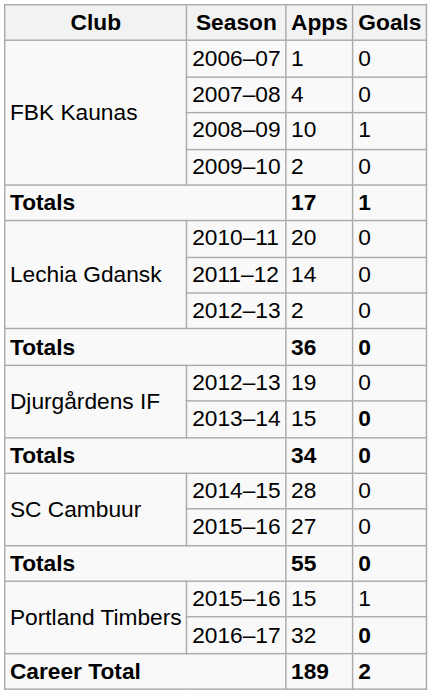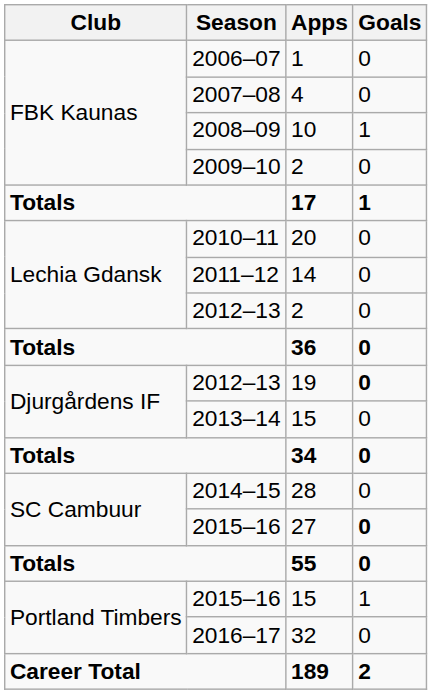 <table class="wikitable sortable">
 <tr>
 <th>Club</th>
 <th>Season</th>
 <th>Apps</th>
 <th>Goals</th>
 </tr>
 <tr>
 <td rowspan="4">FBK Kaunas</td>
 <td>2006–07</td>
 <td>1</td>
 <td>0</td>
 </tr>
 <tr>
 <td>2007–08</td>
 <td>4</td>
 <td>0</td>
 </tr>
 <tr>
 <td>2008–09</td>
 <td>10</td>
 <td>1</td>
 </tr>
 <tr>
 <td>2009–10</td>
 <td>2</td>
 <td>0</td>
 </tr>
 <tr>
 <td colspan="2"><strong>Totals</strong></td>
 <td><strong>17</strong></td>
 <td><strong>1</strong></td>
 </tr>
 <tr>
 <td rowspan="3">Lechia Gdansk</td>
 <td>2010–11</td>
 <td>20</td>
 <td>0</td>
 </tr>
 <tr>
 <td>2011–12</td>
 <td>14</td>
 <td>0</td>
 </tr>
 <tr>
 <td>2012–13</td>
 <td>2</td>
 <td>0</td>
 </tr>
 <tr>
 <td colspan="2"><strong>Totals</strong></td>
 <td><strong>36</strong></td>
 <td><strong>0</strong></td>
 </tr>
 <tr>
 <td rowspan="2">Djurgårdens IF</td>
 <td>2012–13</td>
 <td>19</td>
-<td>0</td>
+<td><strong>0</strong></td>
 </tr>
 <tr>
 <td>2013–14</td>
 <td>15</td>
-<td><strong>0</strong></td>
+<td>0</td>
 </tr>
 <tr>
 <td colspan="2"><strong>Totals</strong></td>
 <td><strong>34</strong></td>
 <td><strong>0</strong></td>
 </tr>
 <tr>
 <td rowspan="2">SC Cambuur</td>
 <td>2014–15</td>
 <td>28</td>
 <td>0</td>
 </tr>
 <tr>
 <td>2015–16</td>
 <td>27</td>
-<td>0</td>
+<td><strong>0</strong></td>
 </tr>
 <tr>
 <td colspan="2"><strong>Totals</strong></td>
 <td><strong>55</strong></td>
 <td><strong>0</strong></td>
 </tr>
 <tr>
 <td rowspan="2">Portland Timbers</td>
 <td>2015–16</td>
 <td>15</td>
 <td>1</td>
 </tr>
 <tr>
 <td>2016–17</td>
 <td>32</td>
-<td><strong>0</strong></td>
+<td>0</td>
 </tr>
 <tr>
 <td colspan="2"><strong>Career Total</strong></td>
 <td><strong>189</strong></td>
 <td><strong>2</strong></td>
 </tr>
 </table>
